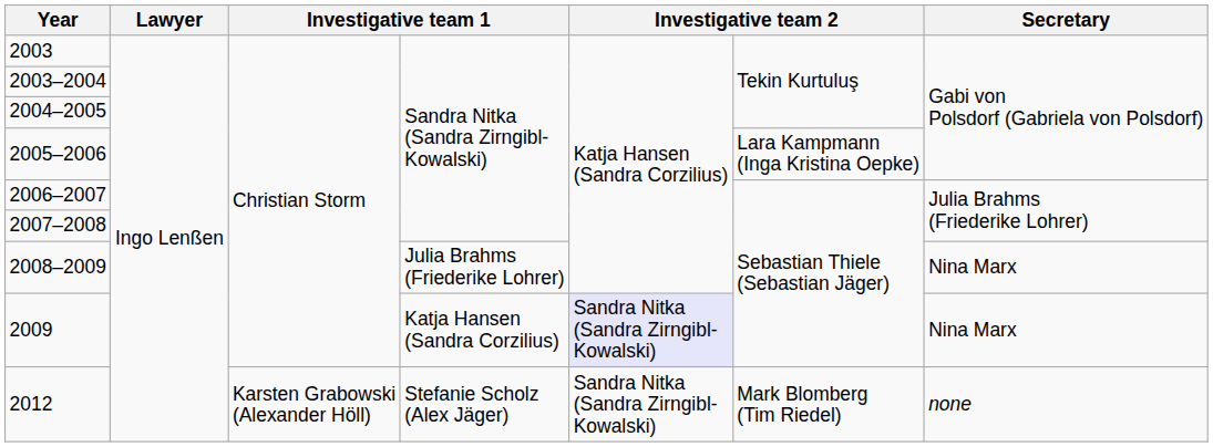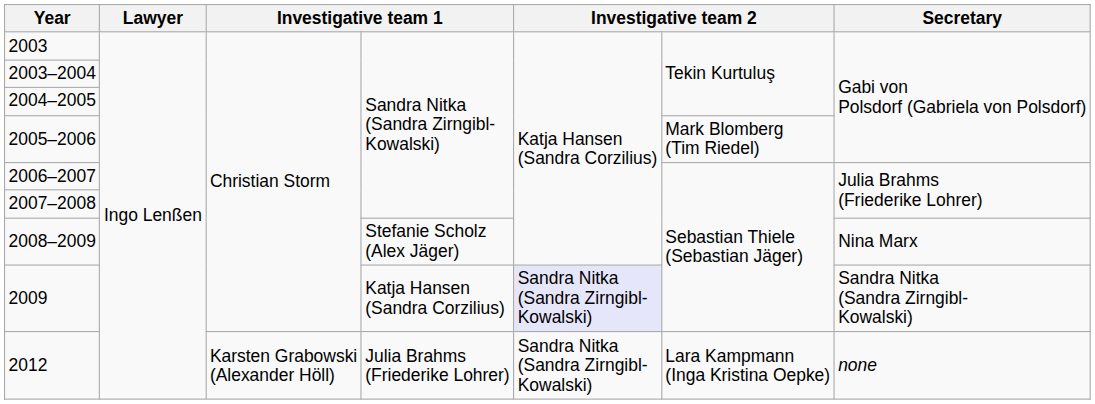 <table class="wikitable">
 <tr>
 <th>Year</th>
 <th>Lawyer</th>
 <th colspan="2">Investigative team 1</th>
 <th colspan="2">Investigative team 2</th>
 <th>Secretary</th>
 </tr>
 <tr>
 <td>2003</td>
 <td rowspan="9">Ingo Lenßen</td>
 <td rowspan="8">Christian Storm</td>
 <td rowspan="6">Sandra Nitka<br>(Sandra Zirngibl-<br>Kowalski)</td>
 <td rowspan="7">Katja Hansen<br>(Sandra Corzilius)</td>
 <td rowspan="3">Tekin Kurtuluş</td>
 <td rowspan="4">Gabi von<br>Polsdorf (Gabriela von Polsdorf)</td>
 </tr>
 <tr>
 <td>2003–2004</td>
 </tr>
 <tr>
 <td>2004–2005</td>
 </tr>
 <tr>
 <td>2005–2006</td>
-<td>Lara Kampmann<br>(Inga Kristina Oepke)</td>
+<td>Mark Blomberg<br>(Tim Riedel)</td>
 </tr>
 <tr>
 <td>2006–2007</td>
 <td rowspan="4">Sebastian Thiele<br>(Sebastian Jäger)</td>
 <td rowspan="2">Julia Brahms<br>(Friederike Lohrer)</td>
 </tr>
 <tr>
 <td>2007–2008</td>
 </tr>
 <tr>
 <td>2008–2009</td>
-<td>Julia Brahms<br>(Friederike Lohrer)</td>
+<td>Stefanie Scholz<br>(Alex Jäger)</td>
 <td>Nina Marx</td>
 </tr>
 <tr>
 <td>2009</td>
 <td>Katja Hansen<br>(Sandra Corzilius)</td>
 <td style="background: lavender;">Sandra Nitka<br>(Sandra Zirngibl-<br>Kowalski)</td>
-<td>Nina Marx</td>
+<td>Sandra Nitka<br>(Sandra Zirngibl-<br>Kowalski)</td>
 </tr>
 <tr>
 <td>2012</td>
 <td>Karsten Grabowski<br>(Alexander Höll)</td>
-<td>Stefanie Scholz<br>(Alex Jäger)</td>
+<td>Julia Brahms<br>(Friederike Lohrer)</td>
 <td>Sandra Nitka<br>(Sandra Zirngibl-<br>Kowalski)</td>
-<td>Mark Blomberg<br>(Tim Riedel)</td>
+<td>Lara Kampmann<br>(Inga Kristina Oepke)</td>
 <td><em>none</em></td>
 </tr>
 </table>
